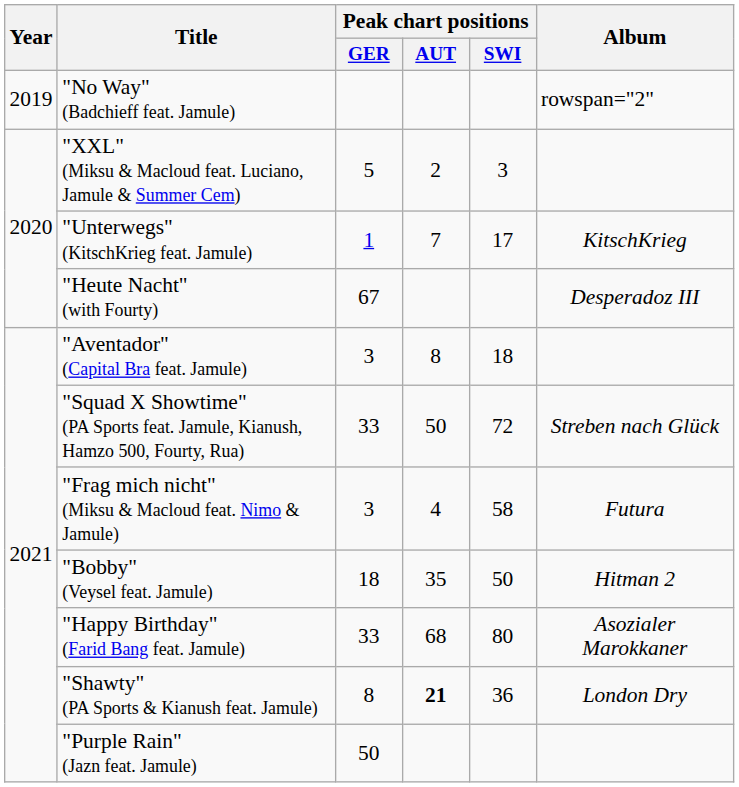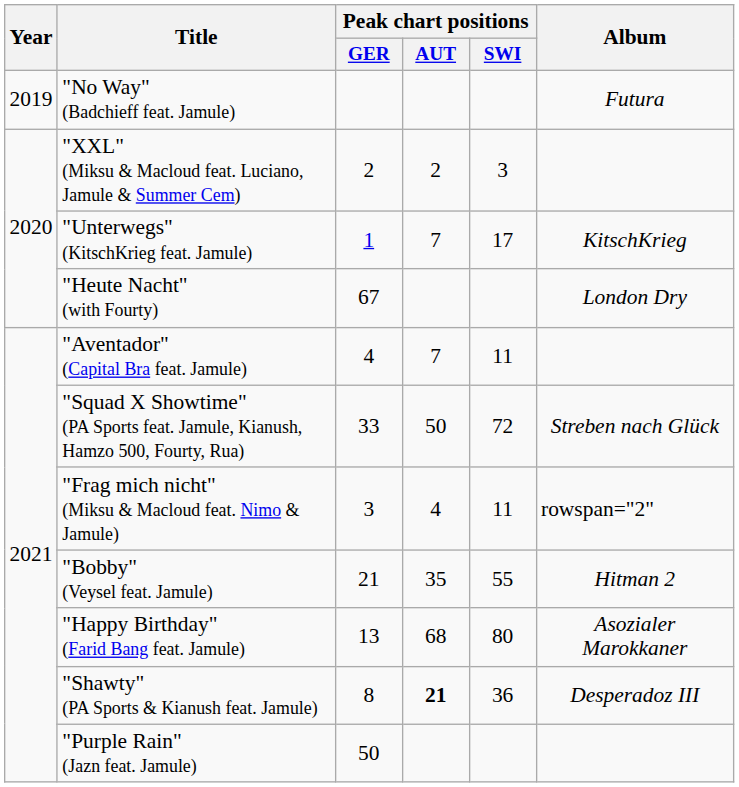 <table class="wikitable">
 <tr style="background: #eeeeee;">
 <th style="width: 20px;" rowspan="2">Year</th>
 <th style="width: 200px;" rowspan="2">Title</th>
 <th colspan="3">Peak chart positions</th>
 <th style="width: 140px;" rowspan="2">Album</th>
 </tr>
 <tr style="background: #eeeeee;">
 <th scope="col" style="width:3em;font-size:90%;"><a href='#'>GER</a><br></th>
 <th scope="col" style="width:3em;font-size:90%;"><a href='#'>AUT</a><br></th>
 <th scope="col" style="width:3em;font-size:90%;"><a href='#'>SWI</a><br></th>
 </tr>
 <tr>
 <td>2019</td>
 <td>"No Way" <br><small>(Badchieff feat. Jamule)</small></td>
 <td align="center"></td>
 <td align="center"></td>
 <td align="center"></td>
-<td>rowspan="2" </td>
+<td align="center"><em>Futura</em></td>
 </tr>
 <tr>
 <td rowspan="3">2020</td>
 <td>"XXL" <br><small>(Miksu & Macloud feat. Luciano, Jamule & <a href='#'>Summer Cem</a>)</small></td>
-<td align="center">5</td>
+<td align="center">2</td>
 <td align="center">2</td>
 <td align="center">3</td>
 </tr>
 <tr>
 <td>"Unterwegs" <br><small>(KitschKrieg feat. Jamule)</small></td>
 <td align="center"><a href='#'>1</a></td>
 <td align="center">7</td>
 <td align="center">17</td>
 <td align="center"><em>KitschKrieg</em></td>
 </tr>
 <tr>
 <td>"Heute Nacht" <br><small>(with Fourty)</small></td>
 <td align="center">67</td>
 <td align="center"></td>
 <td align="center"></td>
-<td align="center"><em>Desperadoz III</em></td>
+<td align="center"><em>London Dry</em></td>
 </tr>
 <tr>
 <td rowspan="7">2021</td>
 <td>"Aventador" <br><small>(<a href='#'>Capital Bra</a> feat. Jamule)</small></td>
-<td align="center">3</td>
-<td align="center">8</td>
-<td align="center">18</td>
+<td align="center">4</td>
+<td align="center">7</td>
+<td align="center">11</td>
 <td></td>
 </tr>
 <tr>
 <td>"Squad X Showtime" <br><small>(PA Sports feat. Jamule, Kianush, Hamzo 500, Fourty, Rua)</small></td>
 <td align="center">33</td>
 <td align="center">50</td>
 <td align="center">72</td>
 <td align="center"><em>Streben nach Glück</em></td>
 </tr>
 <tr>
 <td>"Frag mich nicht"<br><small>(Miksu & Macloud feat. <a href='#'>Nimo</a> & Jamule)</small></td>
 <td align="center">3</td>
 <td align="center">4</td>
-<td align="center">58</td>
-<td align="center"><em>Futura</em></td>
+<td align="center">11</td>
+<td>rowspan="2" </td>
 </tr>
 <tr>
 <td>"Bobby" <br><small>(Veysel feat. Jamule)</small></td>
-<td align="center">18</td>
+<td align="center">21</td>
 <td align="center">35</td>
-<td align="center">50</td>
+<td align="center">55</td>
 <td align="center"><em>Hitman 2</em></td>
 </tr>
 <tr>
 <td>"Happy Birthday" <br><small>(<a href='#'>Farid Bang</a> feat. Jamule)</small></td>
-<td align="center">33</td>
+<td align="center">13</td>
 <td align="center">68</td>
 <td align="center">80</td>
 <td align="center"><em>Asozialer Marokkaner</em></td>
 </tr>
 <tr>
 <td>"Shawty" <br><small>(PA Sports & Kianush feat. Jamule)</small></td>
 <td align="center">8</td>
 <td align="center"><strong>21</strong></td>
 <td align="center">36</td>
-<td align="center"><em>London Dry</em></td>
+<td align="center"><em>Desperadoz III</em></td>
 </tr>
 <tr>
 <td>"Purple Rain" <br><small>(Jazn feat. Jamule)</small></td>
 <td align="center">50</td>
 <td align="center"></td>
 <td align="center"></td>
 <td></td>
 </tr>
 </table>
